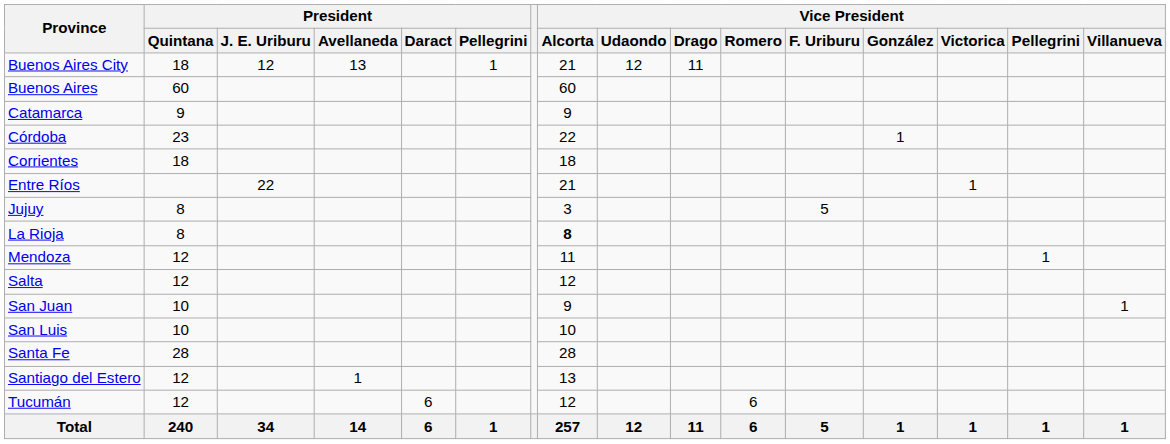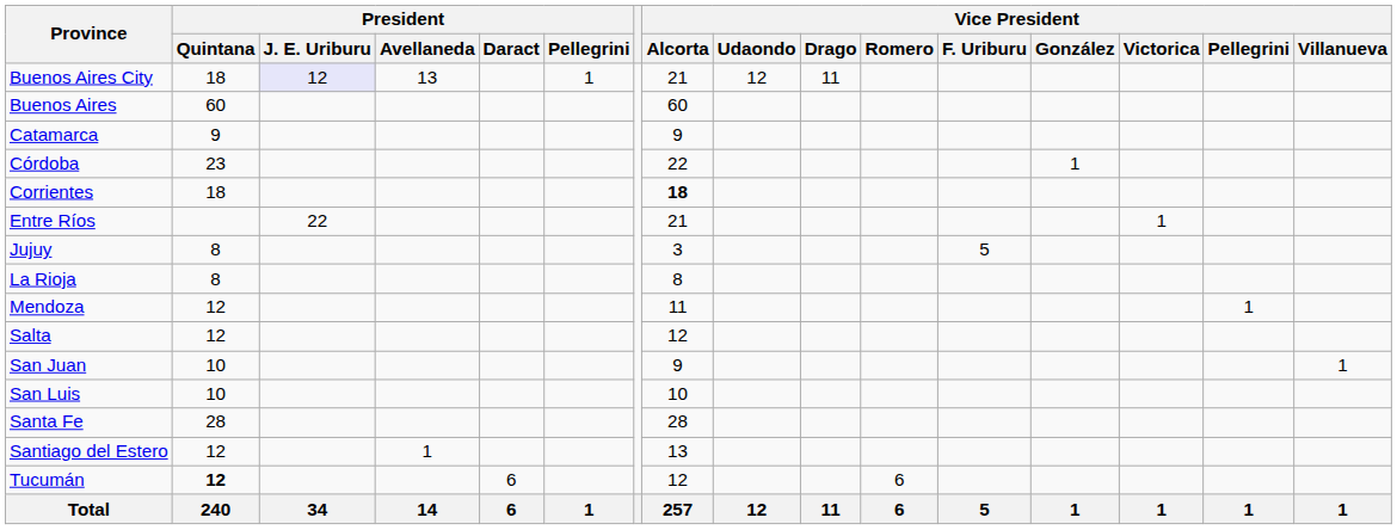 <table class="wikitable" style="text-align:center;">
 <tr>
 <th rowspan=2>Province</th>
 <th colspan=5>President</th>
 <th rowspan=2></th>
 <th colspan=9>Vice President</th>
 </tr>
 <tr>
 <th>Quintana</th>
 <th>J. E. Uriburu</th>
 <th>Avellaneda</th>
 <th>Daract</th>
 <th>Pellegrini</th>
 <th>Alcorta</th>
 <th>Udaondo</th>
 <th>Drago</th>
 <th>Romero</th>
 <th>F. Uriburu</th>
 <th>González</th>
 <th>Victorica</th>
 <th>Pellegrini</th>
 <th>Villanueva</th>
 </tr>
 <tr>
 <td align="left"><a href='#'>Buenos Aires City</a></td>
 <td>18</td>
-<td>12</td>
+<td style="background: lavender;">12</td>
 <td>13</td>
 <td></td>
 <td>1</td>
 <td rowspan=15></td>
 <td>21</td>
 <td>12</td>
 <td>11</td>
 <td></td>
 <td></td>
 <td></td>
 <td></td>
 <td></td>
 <td></td>
 </tr>
 <tr>
 <td align="left"><a href='#'>Buenos Aires</a></td>
 <td>60</td>
 <td></td>
 <td></td>
 <td></td>
 <td></td>
 <td>60</td>
 <td></td>
 <td></td>
 <td></td>
 <td></td>
 <td></td>
 <td></td>
 <td></td>
 <td></td>
 </tr>
 <tr>
 <td align="left"><a href='#'>Catamarca</a></td>
 <td>9</td>
 <td></td>
 <td></td>
 <td></td>
 <td></td>
 <td>9</td>
 <td></td>
 <td></td>
 <td></td>
 <td></td>
 <td></td>
 <td></td>
 <td></td>
 <td></td>
 </tr>
 <tr>
 <td align="left"><a href='#'>Córdoba</a></td>
 <td>23</td>
 <td></td>
 <td></td>
 <td></td>
 <td></td>
 <td>22</td>
 <td></td>
 <td></td>
 <td></td>
 <td></td>
 <td>1</td>
 <td></td>
 <td></td>
 <td></td>
 </tr>
 <tr>
 <td align="left"><a href='#'>Corrientes</a></td>
 <td>18</td>
 <td></td>
 <td></td>
 <td></td>
 <td></td>
-<td>18</td>
+<td><strong>18</strong></td>
 <td></td>
 <td></td>
 <td></td>
 <td></td>
 <td></td>
 <td></td>
 <td></td>
 <td></td>
 </tr>
 <tr>
 <td align="left"><a href='#'>Entre Ríos</a></td>
 <td></td>
 <td>22</td>
 <td></td>
 <td></td>
 <td></td>
 <td>21</td>
 <td></td>
 <td></td>
 <td></td>
 <td></td>
 <td></td>
 <td>1</td>
 <td></td>
 <td></td>
 </tr>
 <tr>
 <td align="left"><a href='#'>Jujuy</a></td>
 <td>8</td>
 <td></td>
 <td></td>
 <td></td>
 <td></td>
 <td>3</td>
 <td></td>
 <td></td>
 <td></td>
 <td>5</td>
 <td></td>
 <td></td>
 <td></td>
 <td></td>
 </tr>
 <tr>
 <td align="left"><a href='#'>La Rioja</a></td>
 <td>8</td>
 <td></td>
 <td></td>
 <td></td>
 <td></td>
-<td><strong>8</strong></td>
+<td>8</td>
 <td></td>
 <td></td>
 <td></td>
 <td></td>
 <td></td>
 <td></td>
 <td></td>
 <td></td>
 </tr>
 <tr>
 <td align="left"><a href='#'>Mendoza</a></td>
 <td>12</td>
 <td></td>
 <td></td>
 <td></td>
 <td></td>
 <td>11</td>
 <td></td>
 <td></td>
 <td></td>
 <td></td>
 <td></td>
 <td></td>
 <td>1</td>
 <td></td>
 </tr>
 <tr>
 <td align="left"><a href='#'>Salta</a></td>
 <td>12</td>
 <td></td>
 <td></td>
 <td></td>
 <td></td>
 <td>12</td>
 <td></td>
 <td></td>
 <td></td>
 <td></td>
 <td></td>
 <td></td>
 <td></td>
 <td></td>
 </tr>
 <tr>
 <td align="left"><a href='#'>San Juan</a></td>
 <td>10</td>
 <td></td>
 <td></td>
 <td></td>
 <td></td>
 <td>9</td>
 <td></td>
 <td></td>
 <td></td>
 <td></td>
 <td></td>
 <td></td>
 <td></td>
 <td>1</td>
 </tr>
 <tr>
 <td align="left"><a href='#'>San Luis</a></td>
 <td>10</td>
 <td></td>
 <td></td>
 <td></td>
 <td></td>
 <td>10</td>
 <td></td>
 <td></td>
 <td></td>
 <td></td>
 <td></td>
 <td></td>
 <td></td>
 <td></td>
 </tr>
 <tr>
 <td align="left"><a href='#'>Santa Fe</a></td>
 <td>28</td>
 <td></td>
 <td></td>
 <td></td>
 <td></td>
 <td>28</td>
 <td></td>
 <td></td>
 <td></td>
 <td></td>
 <td></td>
 <td></td>
 <td></td>
 <td></td>
 </tr>
 <tr>
 <td align="left"><a href='#'>Santiago del Estero</a></td>
 <td>12</td>
 <td></td>
 <td>1</td>
 <td></td>
 <td></td>
 <td>13</td>
 <td></td>
 <td></td>
 <td></td>
 <td></td>
 <td></td>
 <td></td>
 <td></td>
 <td></td>
 </tr>
 <tr>
 <td align="left"><a href='#'>Tucumán</a></td>
-<td>12</td>
+<td><strong>12</strong></td>
 <td></td>
 <td></td>
 <td>6</td>
 <td></td>
 <td>12</td>
 <td></td>
 <td></td>
 <td>6</td>
 <td></td>
 <td></td>
 <td></td>
 <td></td>
 <td></td>
 </tr>
 <tr>
 <th>Total</th>
 <th>240</th>
 <th>34</th>
 <th>14</th>
 <th>6</th>
 <th>1</th>
 <th></th>
 <th>257</th>
 <th>12</th>
 <th>11</th>
 <th>6</th>
 <th>5</th>
 <th>1</th>
 <th>1</th>
 <th>1</th>
 <th>1</th>
 </tr>
 </table>
